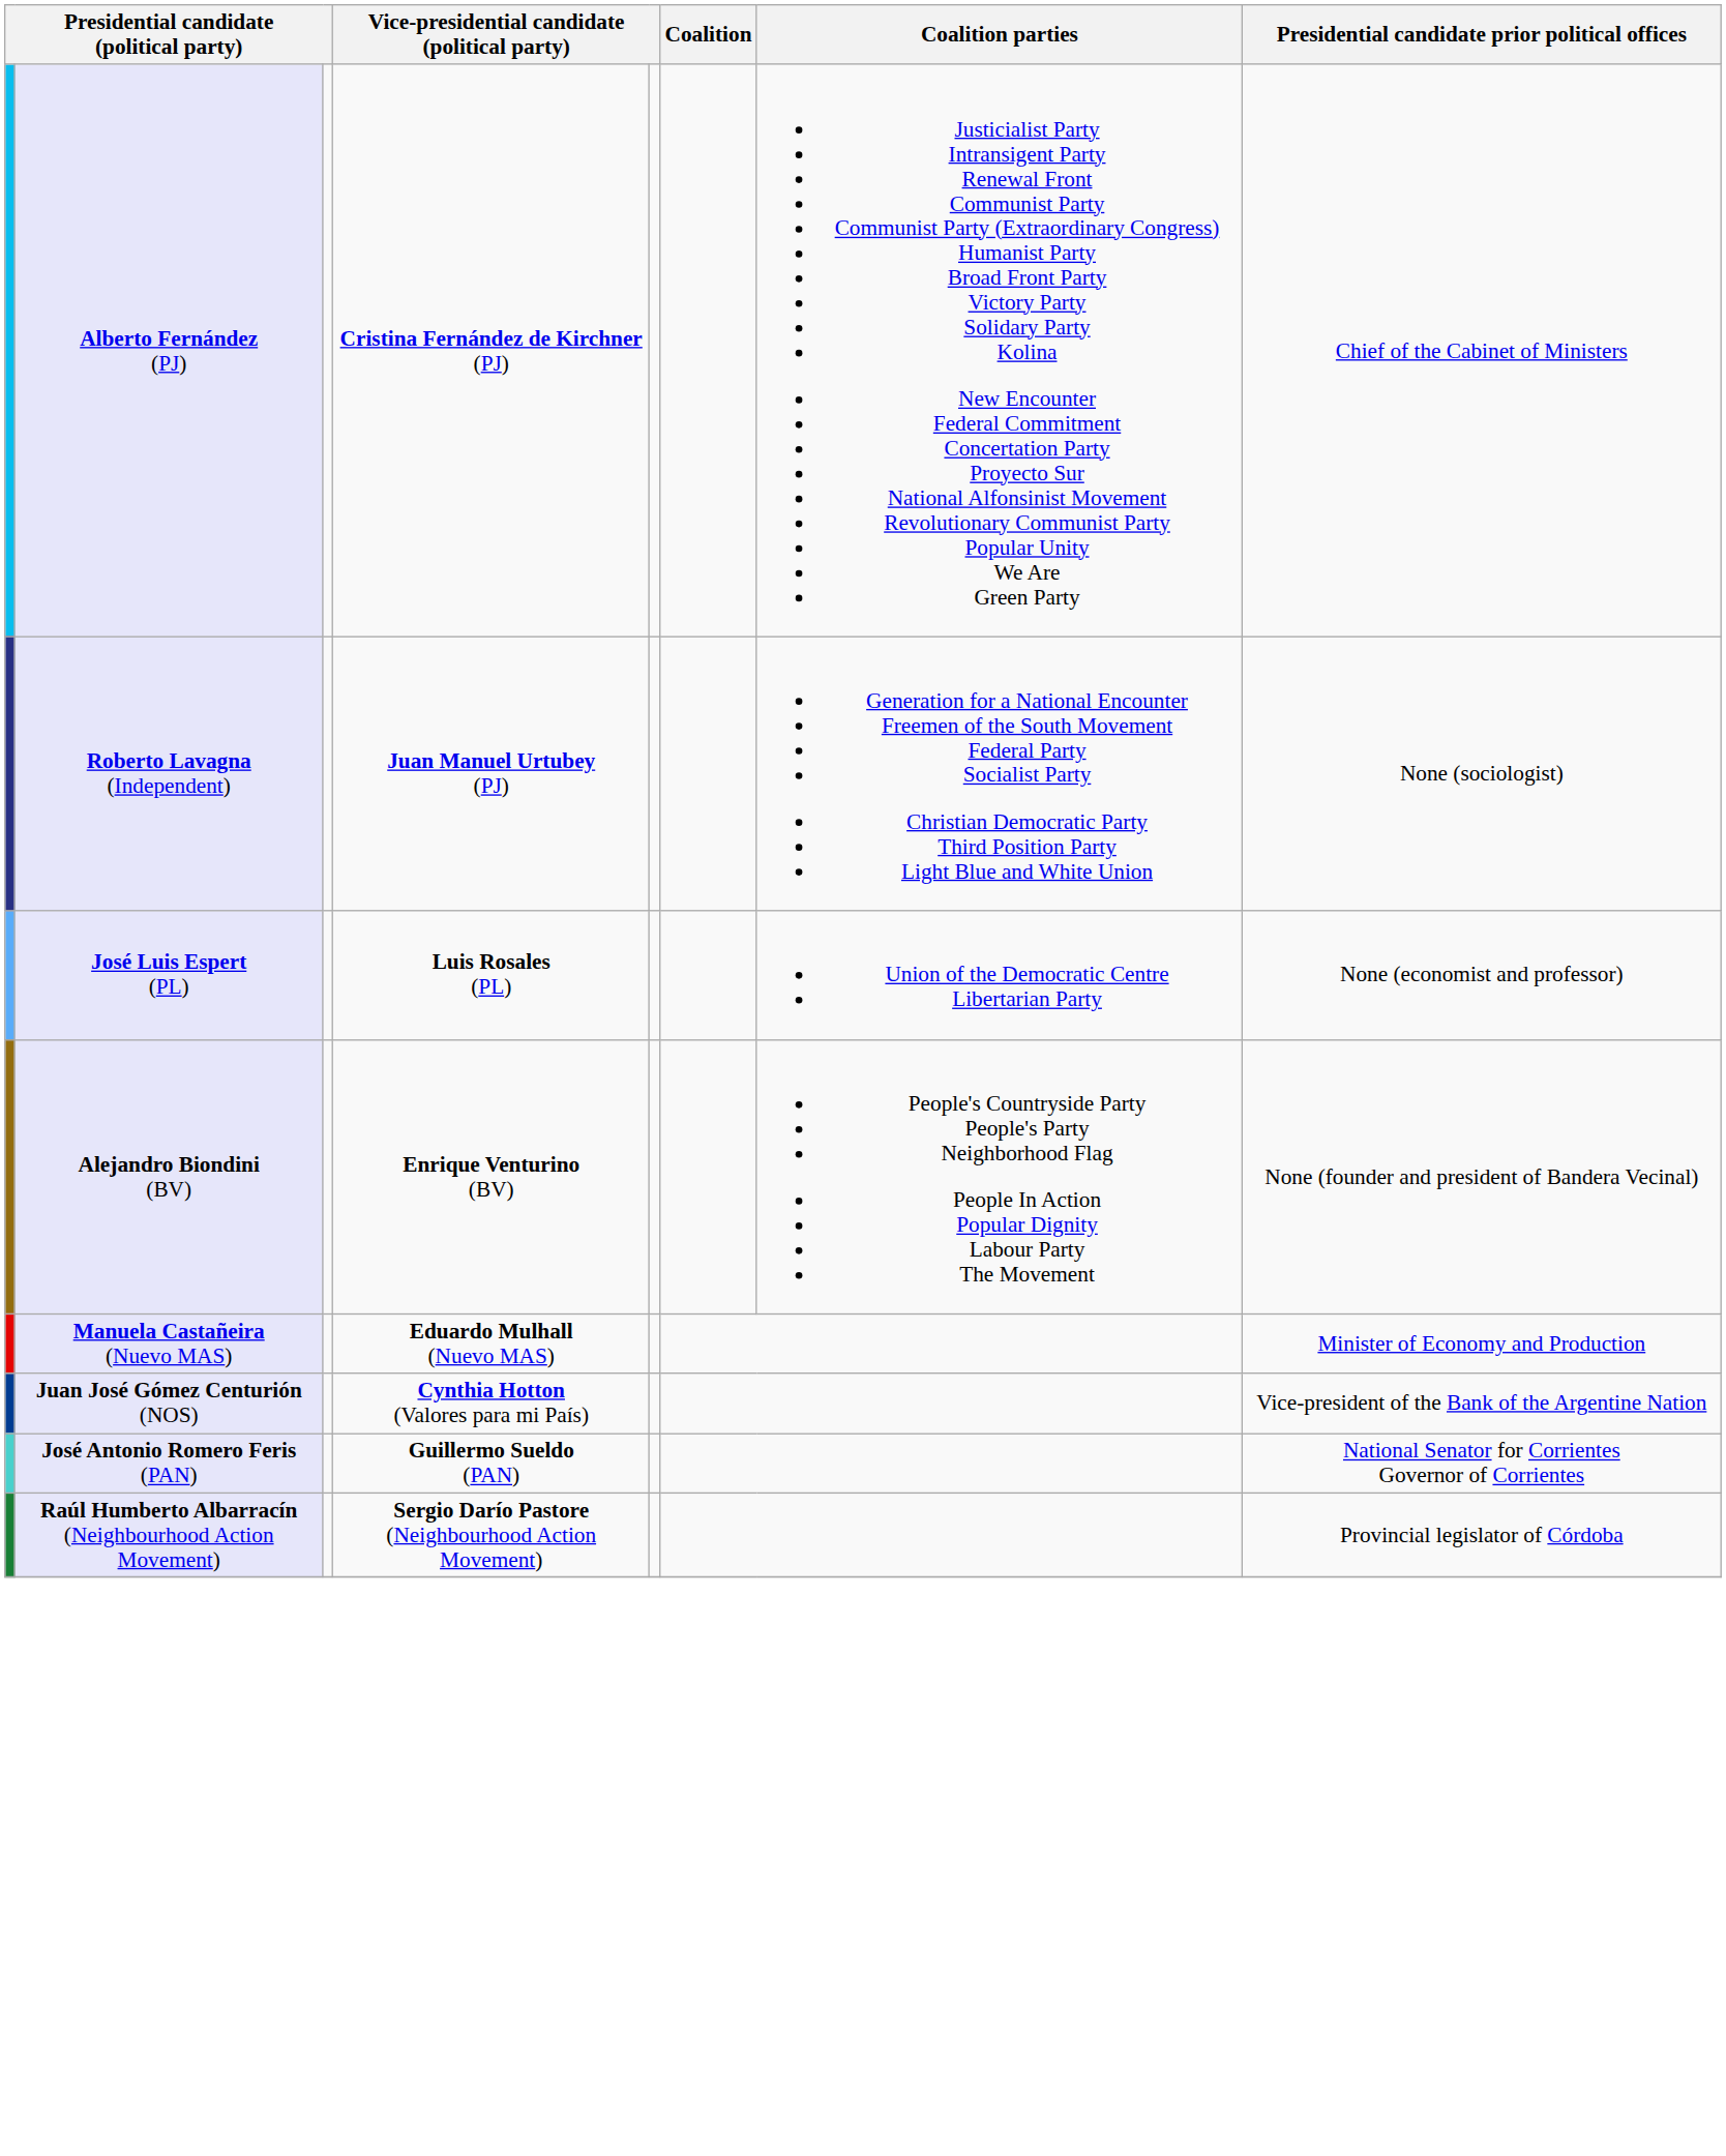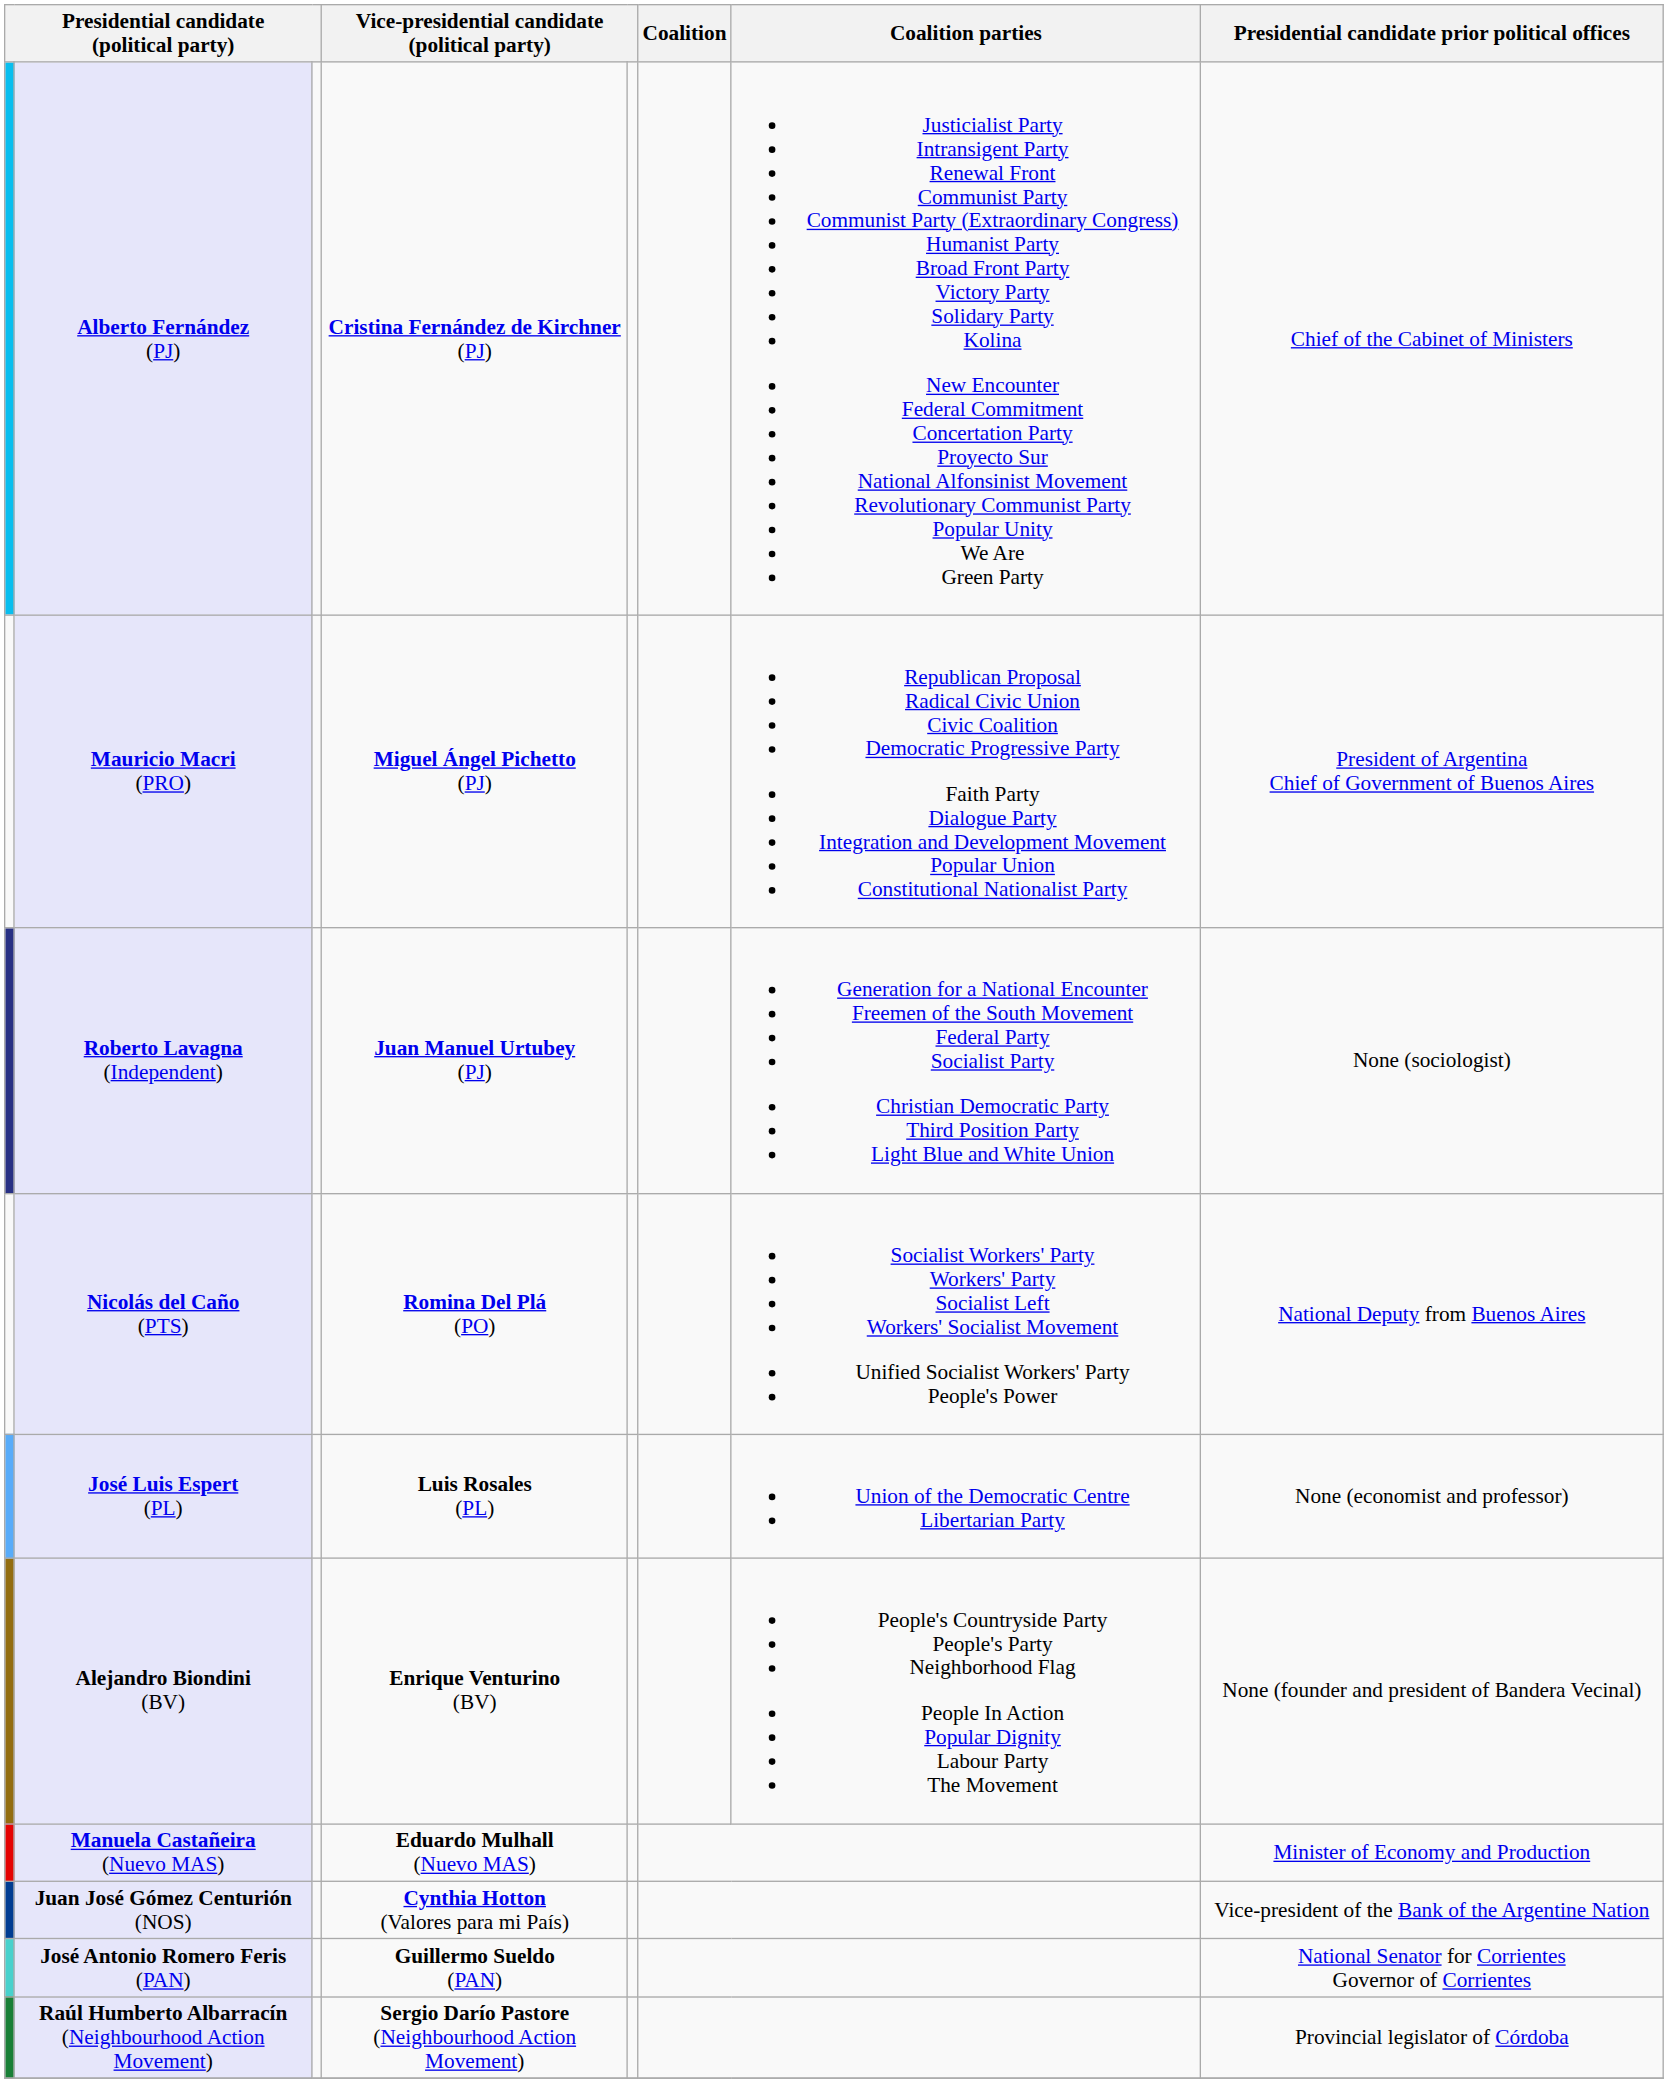 <table class="wikitable" style="text-align:center;">
 <tr>
 <th colspan="3" style="width:20%;">Presidential candidate<br>(political party)</th>
 <th colspan="2" style="width:20%;">Vice-presidential candidate<br>(political party)</th>
 <th>Coalition</th>
 <th style="width:30%;">Coalition parties</th>
 <th style="width:30%;">Presidential candidate prior political offices</th>
 </tr>
 <tr>
 <td style="background-color:#08beef;"></td>
 <td style="background:lavender;"><strong><a href='#'>Alberto Fernández</a></strong><br>(<a href='#'>PJ</a>)</td>
 <td></td>
 <td><strong><a href='#'>Cristina Fernández de Kirchner</a></strong><br>(<a href='#'>PJ</a>)</td>
 <td></td>
 <td></td>
 <td><br><ul><li><a href='#'>Justicialist Party</a></li><li><a href='#'>Intransigent Party</a></li><li><a href='#'>Renewal Front</a></li><li><a href='#'>Communist Party</a></li><li><a href='#'>Communist Party (Extraordinary Congress)</a></li><li><a href='#'>Humanist Party</a></li><li><a href='#'>Broad Front Party</a></li><li><a href='#'>Victory Party</a></li><li><a href='#'>Solidary Party</a></li><li><a href='#'>Kolina</a></li></ul><ul><li><a href='#'>New Encounter</a></li><li><a href='#'>Federal Commitment</a></li><li><a href='#'>Concertation Party</a></li><li><a href='#'>Proyecto Sur</a></li><li><a href='#'>National Alfonsinist Movement</a></li><li><a href='#'>Revolutionary Communist Party</a></li><li><a href='#'>Popular Unity</a></li><li>We Are</li><li>Green Party</li></ul></td>
 <td><a href='#'>Chief of the Cabinet of Ministers</a> </td>
 </tr>
 <tr>
+<td style="background-color:"></td>
+<td style="background:lavender;"><strong><a href='#'>Mauricio Macri</a></strong><br>(<a href='#'>PRO</a>)</td>
+<td></td>
+<td><strong><a href='#'>Miguel Ángel Pichetto</a></strong><br>(<a href='#'>PJ</a>)</td>
+<td></td>
+<td></td>
+<td><br><ul><li><a href='#'>Republican Proposal</a></li><li><a href='#'>Radical Civic Union</a></li><li><a href='#'>Civic Coalition</a></li><li><a href='#'>Democratic Progressive Party</a></li></ul><ul><li>Faith Party</li><li><a href='#'>Dialogue Party</a></li><li><a href='#'>Integration and Development Movement</a></li><li><a href='#'>Popular Union</a></li><li><a href='#'>Constitutional Nationalist Party</a></li></ul></td>
+<td><a href='#'>President of Argentina</a> <br><a href='#'>Chief of Government of Buenos Aires</a> </td>
+</tr>
+<tr>
 <td style="background-color:#283084;"></td>
 <td style="background:lavender;"><strong><a href='#'>Roberto Lavagna</a></strong><br>(<a href='#'>Independent</a>)</td>
 <td></td>
 <td><strong><a href='#'>Juan Manuel Urtubey</a></strong><br>(<a href='#'>PJ</a>)</td>
 <td></td>
 <td></td>
 <td><br><ul><li><a href='#'>Generation for a National Encounter</a></li><li><a href='#'>Freemen of the South Movement</a></li><li><a href='#'>Federal Party</a></li><li><a href='#'>Socialist Party</a></li></ul><ul><li><a href='#'>Christian Democratic Party</a></li><li><a href='#'>Third Position Party</a></li><li><a href='#'>Light Blue and White Union</a></li></ul></td>
 <td>None (sociologist)</td>
+</tr>
+<tr>
+<td style="background-color:"></td>
+<td style="background:lavender;"><strong><a href='#'>Nicolás del Caño</a></strong><br>(<a href='#'>PTS</a>)</td>
+<td></td>
+<td><strong><a href='#'>Romina Del Plá</a></strong><br>(<a href='#'>PO</a>)</td>
+<td></td>
+<td></td>
+<td><br><ul><li><a href='#'>Socialist Workers' Party</a></li><li><a href='#'>Workers' Party</a></li><li><a href='#'>Socialist Left</a></li><li><a href='#'>Workers' Socialist Movement</a></li></ul><ul><li>Unified Socialist Workers' Party</li><li>People's Power</li></ul></td>
+<td><a href='#'>National Deputy</a> from <a href='#'>Buenos Aires</a> </td>
 </tr>
 <tr>
 <td style="background-color:#58ACFA;"></td>
 <td style="background:lavender;"><strong><a href='#'>José Luis Espert</a></strong><br>(<a href='#'>PL</a>)</td>
 <td></td>
 <td><strong>Luis Rosales</strong><br>(<a href='#'>PL</a>)</td>
 <td></td>
 <td></td>
 <td><br><ul><li><a href='#'>Union of the Democratic Centre</a></li><li><a href='#'>Libertarian Party</a></li></ul></td>
 <td>None (economist and professor)</td>
 </tr>
 <tr>
 <td style="background-color:#936d0f;"></td>
 <td style="background:lavender;"><strong>Alejandro Biondini</strong><br>(BV)</td>
 <td></td>
 <td><strong>Enrique Venturino</strong><br>(BV)</td>
 <td></td>
 <td></td>
 <td><br><ul><li>People's Countryside Party</li><li>People's Party</li><li>Neighborhood Flag</li></ul><ul><li>People In Action</li><li><a href='#'>Popular Dignity</a></li><li>Labour Party</li><li>The Movement</li></ul></td>
 <td>None (founder and president of Bandera Vecinal)</td>
 </tr>
 <tr>
 <td style="background-color:#E50303;"></td>
 <td style="background:lavender;"><strong><a href='#'>Manuela Castañeira</a></strong><br>(<a href='#'>Nuevo MAS</a>)</td>
 <td></td>
 <td><strong>Eduardo Mulhall</strong><br>(<a href='#'>Nuevo MAS</a>)</td>
 <td></td>
 <td colspan=2></td>
 <td><a href='#'>Minister of Economy and Production</a> </td>
 </tr>
 <tr>
 <td style="background-color:#003C92;"></td>
 <td style="background:lavender;"><strong>Juan José Gómez Centurión</strong><br>(NOS)</td>
 <td></td>
 <td><strong><a href='#'>Cynthia Hotton</a></strong><br>(Valores para mi País)</td>
 <td></td>
 <td colspan=2></td>
 <td>Vice-president of the <a href='#'>Bank of the Argentine Nation</a> </td>
 </tr>
 <tr>
 <td style="background-color:#48D1CC;"></td>
 <td style="background:lavender;"><strong>José Antonio Romero Feris</strong><br>(<a href='#'>PAN</a>)</td>
 <td></td>
 <td><strong>Guillermo Sueldo</strong><br>(<a href='#'>PAN</a>)</td>
 <td></td>
 <td colspan=2></td>
 <td><a href='#'>National Senator</a> for <a href='#'>Corrientes</a> <br>Governor of <a href='#'>Corrientes</a> </td>
 </tr>
 <tr>
 <td style="background-color:#187F36;"></td>
 <td style="background:lavender;"><strong>Raúl Humberto Albarracín</strong><br>(<a href='#'>Neighbourhood Action Movement</a>)</td>
 <td></td>
 <td><strong>Sergio Darío Pastore</strong><br>(<a href='#'>Neighbourhood Action Movement</a>)</td>
 <td></td>
 <td colspan=2></td>
 <td>Provincial legislator of <a href='#'>Córdoba</a> </td>
 </tr>
 <tr>
 </tr>
 </table>
